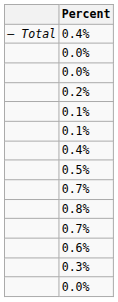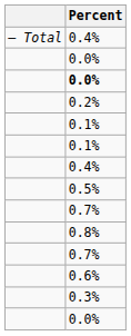 <table class="wikitable sortable collapsible" style="font-size: 90%;">
 <tr>
 <th></th>
 <th>Percent</th>
 </tr>
 <tr>
 <td><strong></strong>— <em>Total</em></td>
 <td>0.4%</td>
 </tr>
 <tr>
 <td></td>
 <td>0.0%</td>
 </tr>
 <tr>
 <td></td>
-<td>0.0%</td>
+<td><strong>0.0%</strong></td>
 </tr>
 <tr>
 <td></td>
 <td>0.2%</td>
 </tr>
 <tr>
 <td></td>
 <td>0.1%</td>
 </tr>
 <tr>
 <td></td>
 <td>0.1%</td>
 </tr>
 <tr>
 <td></td>
 <td>0.4%</td>
 </tr>
 <tr>
 <td></td>
 <td>0.5%</td>
 </tr>
 <tr>
 <td></td>
 <td>0.7%</td>
 </tr>
 <tr>
 <td></td>
 <td>0.8%</td>
 </tr>
 <tr>
 <td></td>
 <td>0.7%</td>
 </tr>
 <tr>
 <td></td>
 <td>0.6%</td>
 </tr>
 <tr>
 <td></td>
 <td>0.3%</td>
 </tr>
 <tr>
 <td></td>
 <td>0.0%</td>
 </tr>
 </table>
